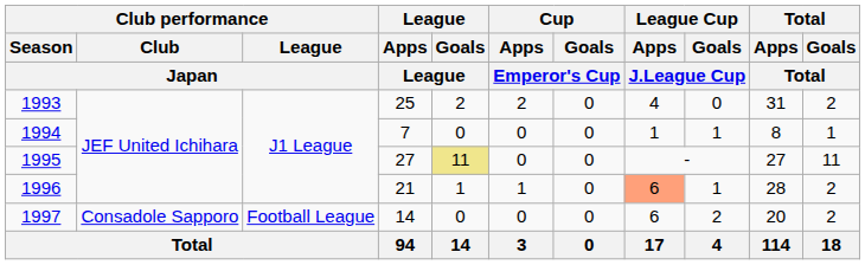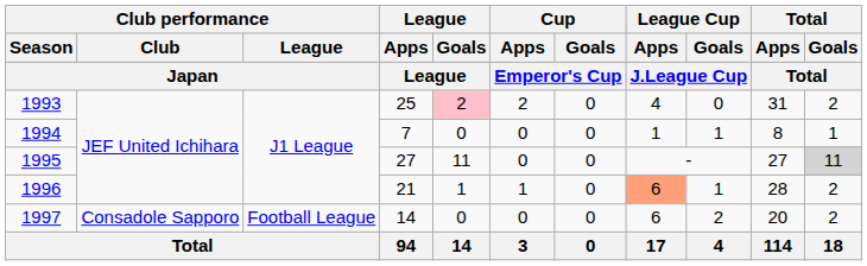 <table class="wikitable" style="text-align:center;">
 <tr>
 <th colspan=3>Club performance</th>
 <th colspan=2>League</th>
 <th colspan=2>Cup</th>
 <th colspan=2>League Cup</th>
 <th colspan=2>Total</th>
 </tr>
 <tr>
 <th>Season</th>
 <th>Club</th>
 <th>League</th>
 <th>Apps</th>
 <th>Goals</th>
 <th>Apps</th>
 <th>Goals</th>
 <th>Apps</th>
 <th>Goals</th>
 <th>Apps</th>
 <th>Goals</th>
 </tr>
 <tr>
 <th colspan=3>Japan</th>
 <th colspan=2>League</th>
 <th colspan=2><a href='#'>Emperor's Cup</a></th>
 <th colspan=2><a href='#'>J.League Cup</a></th>
 <th colspan=2>Total</th>
 </tr>
 <tr>
 <td><a href='#'>1993</a></td>
 <td rowspan="4"><a href='#'>JEF United Ichihara</a></td>
 <td rowspan="4"><a href='#'>J1 League</a></td>
 <td>25</td>
-<td>2</td>
+<td style="background: pink;">2</td>
 <td>2</td>
 <td>0</td>
 <td>4</td>
 <td>0</td>
 <td>31</td>
 <td>2</td>
 </tr>
 <tr>
 <td><a href='#'>1994</a></td>
 <td>7</td>
 <td>0</td>
 <td>0</td>
 <td>0</td>
 <td>1</td>
 <td>1</td>
 <td>8</td>
 <td>1</td>
 </tr>
 <tr>
 <td><a href='#'>1995</a></td>
 <td>27</td>
-<td style="background: khaki;">11</td>
+<td>11</td>
 <td>0</td>
 <td>0</td>
 <td colspan="2">-</td>
 <td>27</td>
-<td>11</td>
+<td style="background: lightgrey;">11</td>
 </tr>
 <tr>
 <td><a href='#'>1996</a></td>
 <td>21</td>
 <td>1</td>
 <td>1</td>
 <td>0</td>
 <td style="background: lightsalmon;">6</td>
 <td>1</td>
 <td>28</td>
 <td>2</td>
 </tr>
 <tr>
 <td><a href='#'>1997</a></td>
 <td><a href='#'>Consadole Sapporo</a></td>
 <td><a href='#'>Football League</a></td>
 <td>14</td>
 <td>0</td>
 <td>0</td>
 <td>0</td>
 <td>6</td>
 <td>2</td>
 <td>20</td>
 <td>2</td>
 </tr>
 <tr>
 <th colspan=3>Total</th>
 <th>94</th>
 <th>14</th>
 <th>3</th>
 <th>0</th>
 <th>17</th>
 <th>4</th>
 <th>114</th>
 <th>18</th>
 </tr>
 </table>
